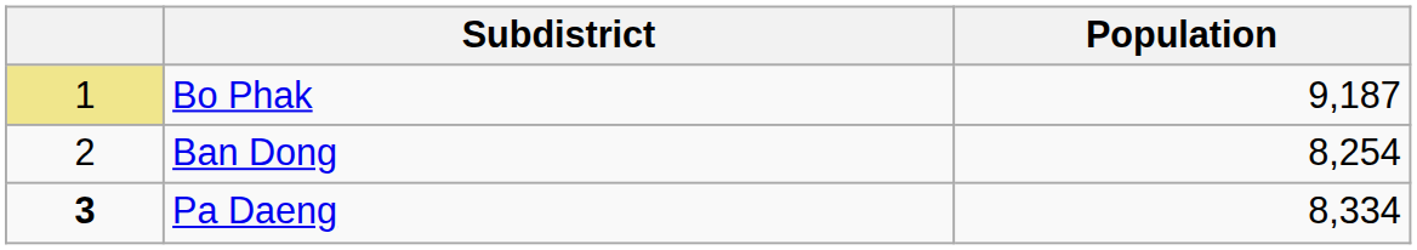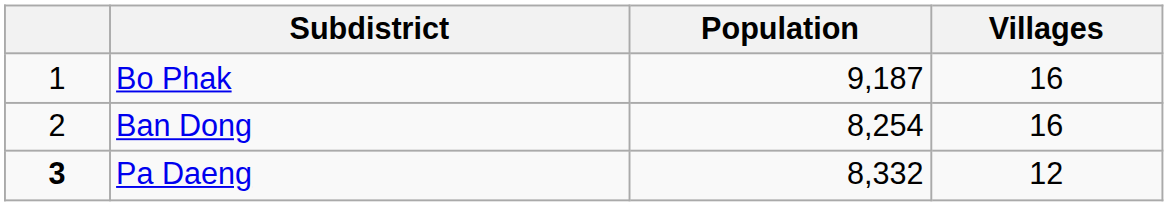 <table class="wikitable" style="width:48%; display:inline-table;">
 <tr>
 <th scope="col" style="width:9%;"> </th>
 <th scope="col" style="width:45%;">Subdistrict</th>
 <th scope="col" style="width:26%;">Population</th>
+<th scope="col" style="width:20%;">Villages</th>
 </tr>
 <tr>
-<td style="background: khaki; text-align:center;">1</td>
+<td style="text-align:center;">1</td>
 <td><a href='#'>Bo Phak</a></td>
 <td style="text-align:right;">9,187</td>
+<td style="text-align:center;">16</td>
 </tr>
 <tr>
 <td style="text-align:center;">2</td>
 <td><a href='#'>Ban Dong</a></td>
 <td style="text-align:right;">8,254</td>
+<td style="text-align:center;">16</td>
 </tr>
 <tr>
 <td style="text-align:center;"><strong>3</strong></td>
 <td><a href='#'>Pa Daeng</a></td>
-<td style="text-align:right;">8,334</td>
+<td style="text-align:right;">8,332</td>
+<td style="text-align:center;">12</td>
 </tr>
 </table>
